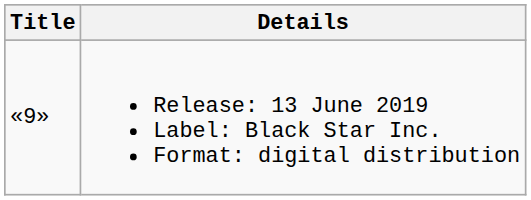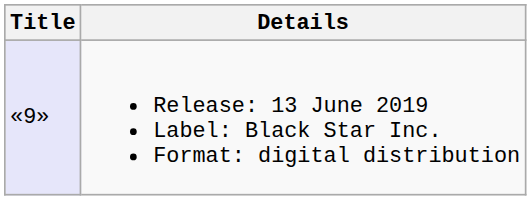 <table class="wikitable">
 <tr>
 <th>Title</th>
 <th>Details</th>
 </tr>
 <tr>
-<td>«9»</td>
+<td style="background: lavender;">«9»</td>
 <td><br><ul><li>Release: 13 June 2019</li><li>Label: Black Star Inc.</li><li>Format: digital distribution</li></ul></td>
 </tr>
 </table>
